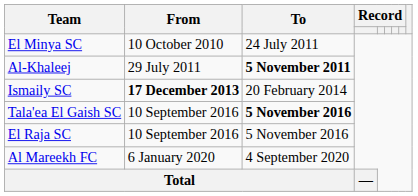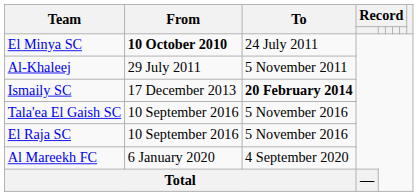 <table class=wikitable style=text-align:center>
 <tr>
 <th rowspan=2>Team</th>
 <th rowspan=2>From</th>
 <th rowspan=2>To</th>
 <th colspan=5>Record</th>
 <th rowspan=2></th>
 </tr>
 <tr>
 <th></th>
 <th></th>
 <th></th>
 <th></th>
 <th></th>
 </tr>
 <tr>
 <td align=left><a href='#'>El Minya SC</a></td>
-<td align=left>10 October 2010</td>
+<td align=left><strong>10 October 2010</strong></td>
 <td align=left>24 July 2011<br></td>
 </tr>
 <tr>
 <td align=left><a href='#'>Al-Khaleej</a></td>
 <td align=left>29 July 2011</td>
-<td align=left><strong>5 November 2011<br></strong></td>
+<td align=left>5 November 2011<br></td>
 </tr>
 <tr>
 <td align=left><a href='#'>Ismaily SC</a></td>
-<td align=left><strong>17 December 2013</strong></td>
-<td align=left>20 February 2014<br></td>
+<td align=left>17 December 2013</td>
+<td align=left><strong>20 February 2014<br></strong></td>
 </tr>
 <tr>
 <td align=left><a href='#'>Tala'ea El Gaish SC</a></td>
 <td align=left>10 September 2016</td>
-<td align=left><strong>5 November 2016<br></strong></td>
+<td align=left>5 November 2016<br></td>
 </tr>
 <tr>
 <td align=left><a href='#'>El Raja SC</a></td>
 <td align=left>10 September 2016</td>
 <td align=left>5 November 2016<br></td>
 </tr>
 <tr>
 <td align=left><a href='#'>Al Mareekh FC</a></td>
 <td align=left>6 January 2020</td>
 <td align=left>4 September 2020<br></td>
 </tr>
 <tr>
 <th colspan=3>Total<br></th>
 <th>—</th>
 </tr>
 </table>
